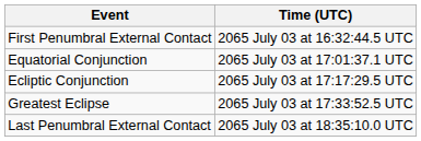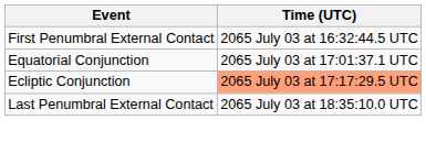 <table class="wikitable">
 <tr>
 <th>Event</th>
 <th>Time (UTC)</th>
 </tr>
 <tr>
 <td>First Penumbral External Contact</td>
 <td>2065 July 03 at 16:32:44.5 UTC</td>
 </tr>
 <tr>
 <td>Equatorial Conjunction</td>
 <td>2065 July 03 at 17:01:37.1 UTC</td>
 </tr>
 <tr>
 <td>Ecliptic Conjunction</td>
-<td>2065 July 03 at 17:17:29.5 UTC</td>
-</tr>
-<tr>
-<td>Greatest Eclipse</td>
-<td>2065 July 03 at 17:33:52.5 UTC</td>
+<td style="background: lightsalmon;">2065 July 03 at 17:17:29.5 UTC</td>
 </tr>
 <tr>
 <td>Last Penumbral External Contact</td>
 <td>2065 July 03 at 18:35:10.0 UTC</td>
 </tr>
 </table>
